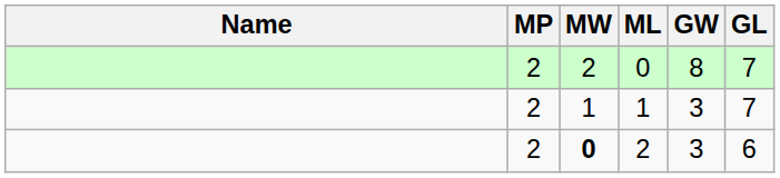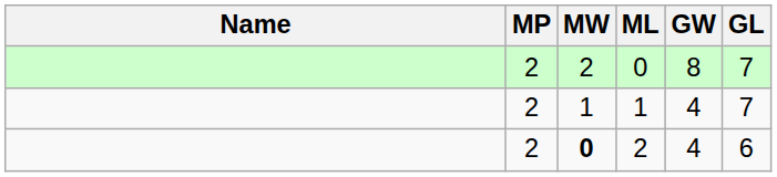 <table class=wikitable style="text-align:center">
 <tr>
 <th width=300>Name</th>
 <th width=20>MP</th>
 <th width=20>MW</th>
 <th width=20>ML</th>
 <th width=20>GW</th>
 <th width=20>GL</th>
 </tr>
 <tr style="background-color:#ccffcc;">
 <td style="text-align:left;"><strong></strong></td>
 <td>2</td>
 <td>2</td>
 <td>0</td>
 <td>8</td>
 <td>7</td>
 </tr>
 <tr>
 <td style="text-align:left;"></td>
 <td>2</td>
 <td>1</td>
 <td>1</td>
-<td>3</td>
+<td>4</td>
 <td>7</td>
 </tr>
 <tr>
 <td style="text-align:left;"></td>
 <td>2</td>
 <td><strong>0</strong></td>
 <td>2</td>
-<td>3</td>
+<td>4</td>
 <td>6</td>
 </tr>
 </table>
